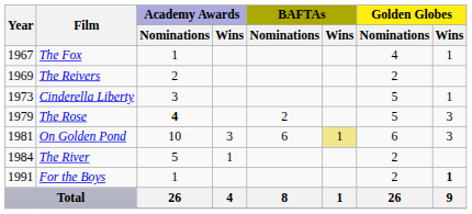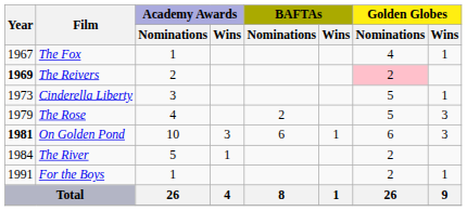 <table class="wikitable">
 <tr>
 <th rowspan="2">Year</th>
 <th rowspan="2">Film</th>
 <th colspan="2" style="background-color:#aaaade;">Academy Awards</th>
 <th colspan="2" style="background-color:#aa0;">BAFTAs</th>
 <th colspan="2" style="background-color:#fe1;">Golden Globes</th>
 </tr>
 <tr>
 <th>Nominations</th>
 <th>Wins</th>
 <th>Nominations</th>
 <th>Wins</th>
 <th>Nominations</th>
 <th>Wins</th>
 </tr>
 <tr>
 <td>1967</td>
 <td><em><a href='#'>The Fox</a></em></td>
 <td align=center>1</td>
 <td></td>
 <td></td>
 <td></td>
 <td align=center>4</td>
 <td align=center>1</td>
 </tr>
 <tr>
-<td>1969</td>
+<td><strong>1969</strong></td>
 <td><em><a href='#'>The Reivers</a></em></td>
 <td align=center>2</td>
 <td></td>
 <td></td>
 <td></td>
-<td align=center>2</td>
+<td align=center style="background: pink;">2</td>
 <td></td>
 </tr>
 <tr>
 <td>1973</td>
 <td><em><a href='#'>Cinderella Liberty</a></em></td>
 <td align=center>3</td>
 <td></td>
 <td></td>
 <td></td>
 <td align=center>5</td>
 <td align=center>1</td>
 </tr>
 <tr>
 <td>1979</td>
 <td><em><a href='#'>The Rose</a></em></td>
-<td align=center><strong>4</strong></td>
+<td align=center>4</td>
 <td></td>
 <td align=center>2</td>
 <td></td>
 <td align=center>5</td>
 <td align=center>3</td>
 </tr>
 <tr>
-<td>1981</td>
+<td><strong>1981</strong></td>
 <td><em><a href='#'>On Golden Pond</a></em></td>
 <td align=center>10</td>
 <td align=center>3</td>
 <td align=center>6</td>
-<td align=center style="background: khaki;">1</td>
+<td align=center>1</td>
 <td align=center>6</td>
 <td align=center>3</td>
 </tr>
 <tr>
 <td>1984</td>
 <td><em><a href='#'>The River</a></em></td>
 <td align=center>5</td>
 <td align=center>1</td>
 <td></td>
 <td></td>
 <td align=center>2</td>
 <td></td>
 </tr>
 <tr>
 <td>1991</td>
 <td><em><a href='#'>For the Boys</a></em></td>
 <td align=center>1</td>
 <td></td>
 <td></td>
 <td></td>
 <td align=center>2</td>
-<td align=center><strong>1</strong></td>
+<td align=center>1</td>
 </tr>
 <tr>
 <th colspan="2" style="background-color:#b3b5c5;">Total</th>
 <th>26</th>
 <th>4</th>
 <th>8</th>
 <th>1</th>
 <th>26</th>
 <th>9</th>
 </tr>
 <tr>
 </tr>
 </table>
